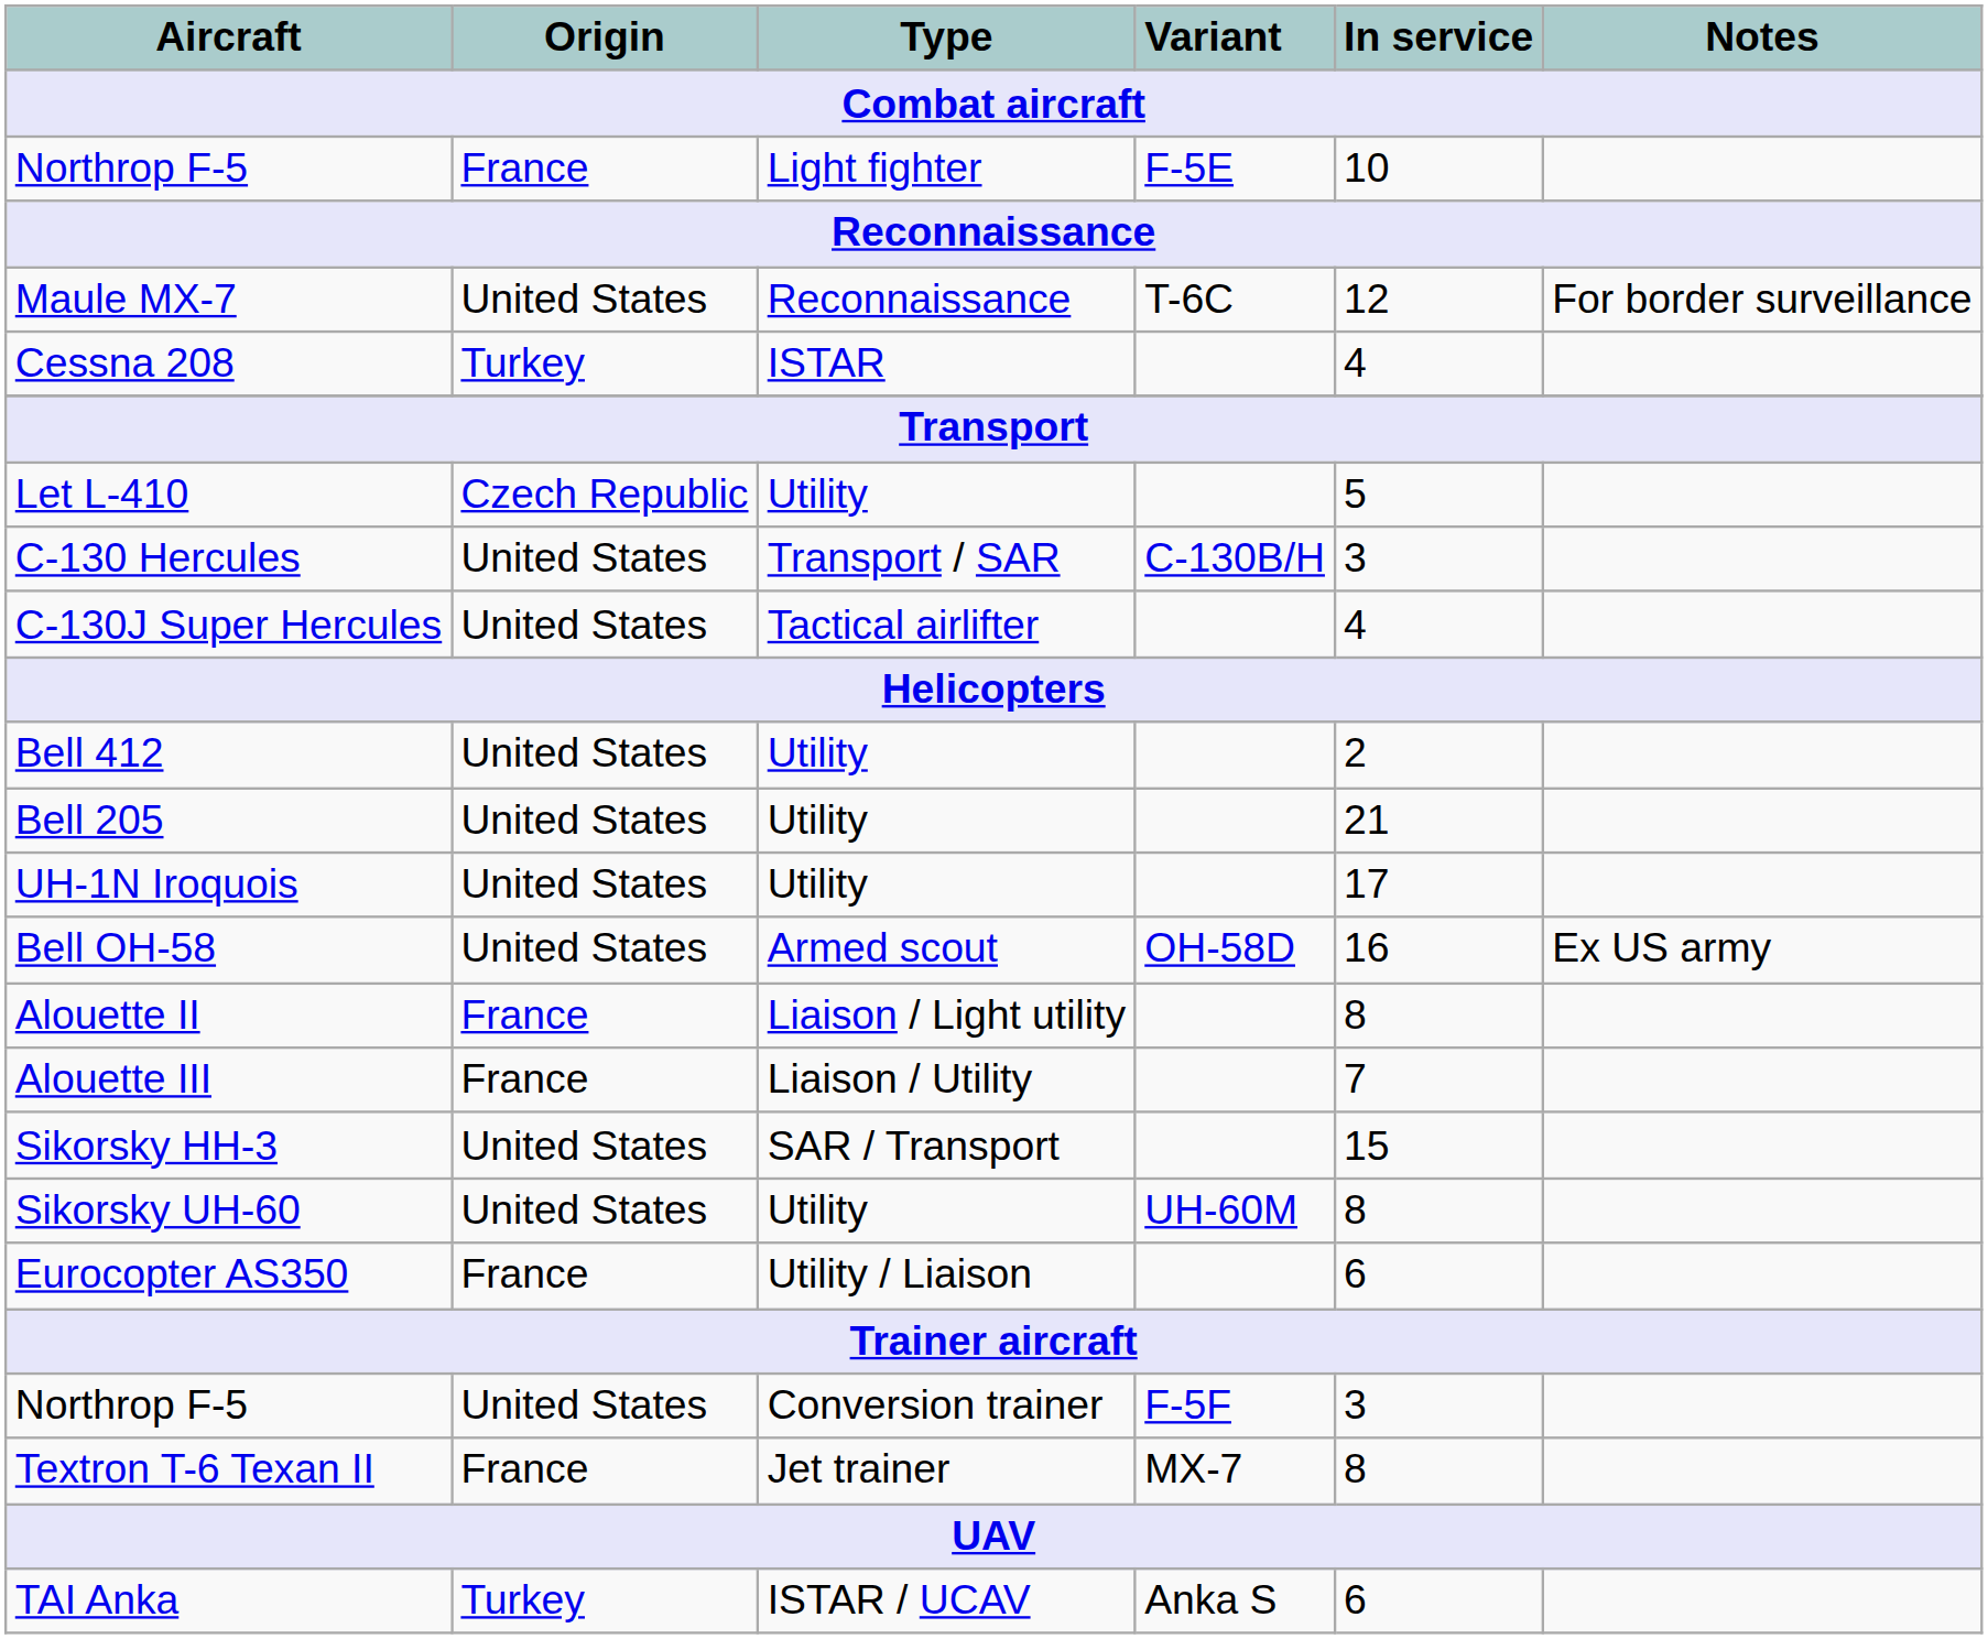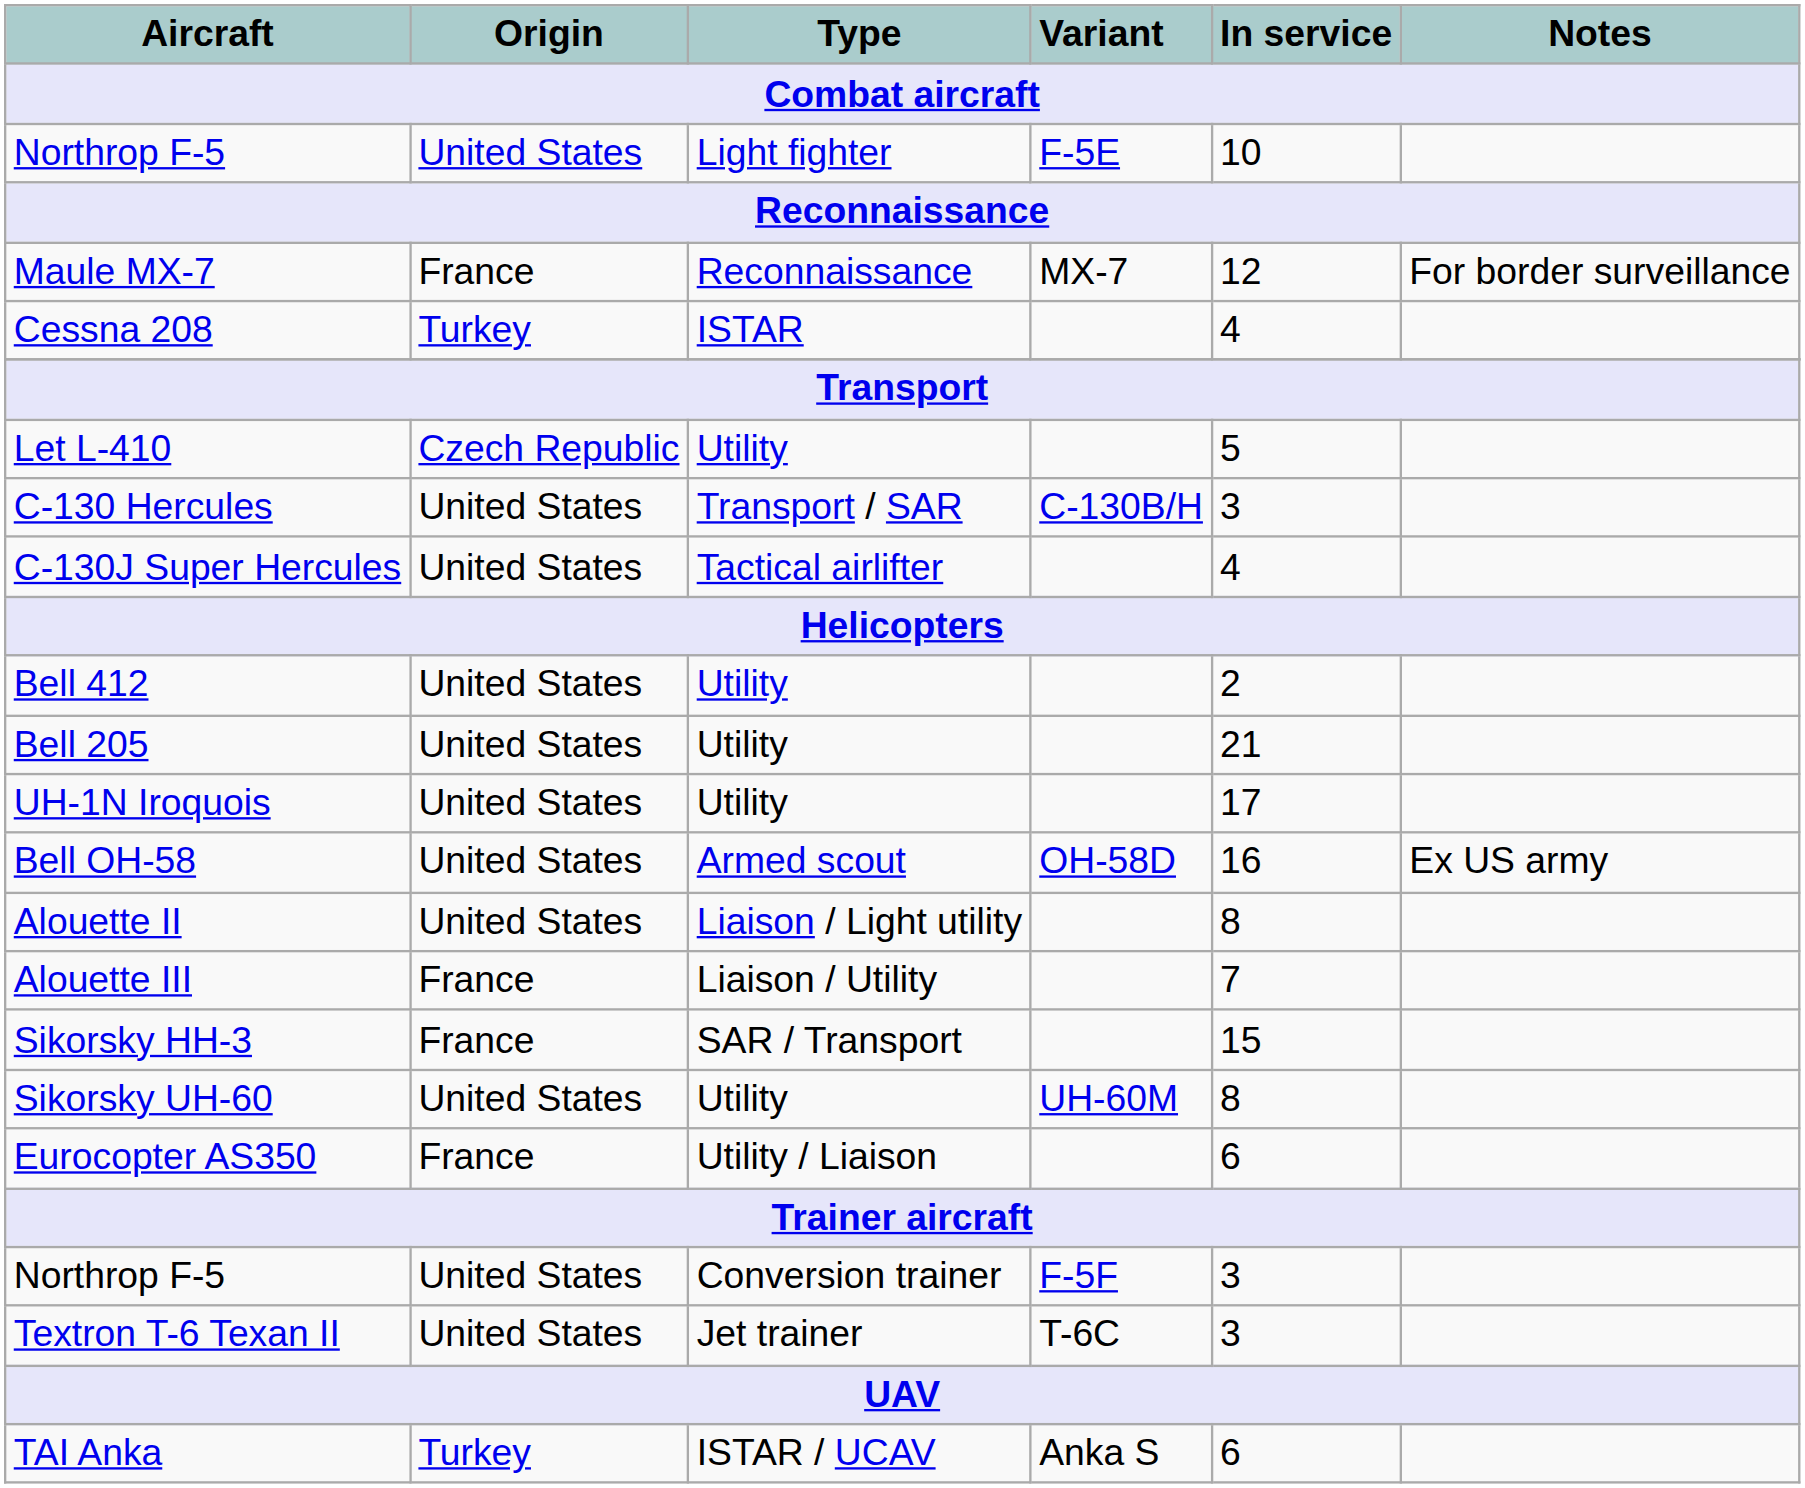 <table class="wikitable">
 <tr>
 <th style="text-align:center; background:#acc;">Aircraft</th>
 <th style="text-align: center; background:#acc;">Origin</th>
 <th style="text-align:l center; background:#acc;">Type</th>
 <th style="text-align:left; background:#acc;">Variant</th>
 <th style="text-align:center; background:#acc;">In service</th>
 <th style="text-align: center; background:#acc;">Notes</th>
 </tr>
 <tr>
 <th style="align: center; background: lavender;" colspan="7"><a href='#'>Combat aircraft</a></th>
 </tr>
 <tr>
 <td><a href='#'>Northrop F-5</a></td>
-<td><a href='#'>France</a></td>
+<td><a href='#'>United States</a></td>
 <td><a href='#'>Light fighter</a></td>
 <td><a href='#'>F-5E</a></td>
 <td>10</td>
 <td></td>
 </tr>
 <tr>
 <th style="align: center; background: lavender;" colspan="7"><a href='#'>Reconnaissance</a></th>
 </tr>
 <tr>
 <td><a href='#'>Maule MX-7</a></td>
-<td>United States</td>
+<td>France</td>
 <td><a href='#'>Reconnaissance</a></td>
-<td>T-6C</td>
+<td>MX-7</td>
 <td>12</td>
 <td>For border surveillance</td>
 </tr>
 <tr>
 <td><a href='#'>Cessna 208</a></td>
 <td><a href='#'>Turkey</a></td>
 <td><a href='#'>ISTAR</a></td>
 <td></td>
 <td>4</td>
 <td></td>
 </tr>
 <tr>
 </tr>
 <tr>
 <th style="align: center; background: lavender;" colspan="7"><a href='#'>Transport</a></th>
 </tr>
 <tr>
 <td><a href='#'>Let L-410</a></td>
 <td><a href='#'>Czech Republic</a></td>
 <td><a href='#'>Utility</a></td>
 <td></td>
 <td>5</td>
 <td></td>
 </tr>
 <tr>
 <td><a href='#'>C-130 Hercules</a></td>
 <td>United States</td>
 <td><a href='#'>Transport</a> / <a href='#'>SAR</a></td>
 <td><a href='#'>C-130B/H</a></td>
 <td>3</td>
 <td></td>
 </tr>
 <tr>
 <td><a href='#'>C-130J Super Hercules</a></td>
 <td>United States</td>
 <td><a href='#'>Tactical airlifter</a></td>
 <td></td>
 <td>4</td>
 <td></td>
 </tr>
 <tr>
 <th style="align: center; background: lavender;" colspan="7"><a href='#'>Helicopters</a></th>
 </tr>
 <tr>
 <td><a href='#'>Bell 412</a></td>
 <td>United States</td>
 <td><a href='#'>Utility</a></td>
 <td></td>
 <td>2</td>
 <td></td>
 </tr>
 <tr>
 <td><a href='#'>Bell 205</a></td>
 <td>United States</td>
 <td>Utility</td>
 <td></td>
 <td>21</td>
 <td></td>
 </tr>
 <tr>
 <td><a href='#'>UH-1N Iroquois</a></td>
 <td>United States</td>
 <td>Utility</td>
 <td></td>
 <td>17</td>
 <td></td>
 </tr>
 <tr>
 <td><a href='#'>Bell OH-58</a></td>
 <td>United States</td>
 <td><a href='#'>Armed scout</a></td>
 <td><a href='#'>OH-58D</a></td>
 <td>16</td>
 <td>Ex US army</td>
 </tr>
 <tr>
 <td><a href='#'>Alouette II</a></td>
-<td><a href='#'>France</a></td>
+<td>United States</td>
 <td><a href='#'>Liaison</a> / Light utility</td>
 <td></td>
 <td>8</td>
 <td></td>
 </tr>
 <tr>
 <td><a href='#'>Alouette III</a></td>
 <td>France</td>
 <td>Liaison / Utility</td>
 <td></td>
 <td>7</td>
 <td></td>
 </tr>
 <tr>
 <td><a href='#'>Sikorsky HH-3</a></td>
-<td>United States</td>
+<td>France</td>
 <td>SAR / Transport</td>
 <td></td>
 <td>15</td>
 <td></td>
 </tr>
 <tr>
 <td><a href='#'>Sikorsky UH-60</a></td>
 <td>United States</td>
 <td>Utility</td>
 <td><a href='#'>UH-60M</a></td>
 <td>8</td>
 <td></td>
 </tr>
 <tr>
 <td><a href='#'>Eurocopter AS350</a></td>
 <td>France</td>
 <td>Utility / Liaison</td>
 <td></td>
 <td>6</td>
 </tr>
 <tr>
 <th style="align: center; background: lavender;" colspan="7"><a href='#'>Trainer aircraft</a></th>
 </tr>
 <tr>
 <td>Northrop F-5</td>
 <td>United States</td>
 <td>Conversion trainer</td>
 <td><a href='#'>F-5F</a></td>
 <td>3</td>
 <td></td>
 </tr>
 <tr>
 <td><a href='#'>Textron T-6 Texan II</a></td>
-<td>France</td>
+<td>United States</td>
 <td>Jet trainer</td>
-<td>MX-7</td>
-<td>8</td>
+<td>T-6C</td>
+<td>3</td>
 <td></td>
 </tr>
 <tr>
 <th style="align: center; background: lavender;" colspan="7"><a href='#'>UAV</a></th>
 </tr>
 <tr>
 <td><a href='#'>TAI Anka</a></td>
 <td><a href='#'>Turkey</a></td>
 <td>ISTAR / <a href='#'>UCAV</a></td>
 <td>Anka S</td>
 <td>6</td>
 <td></td>
 </tr>
 </table>
